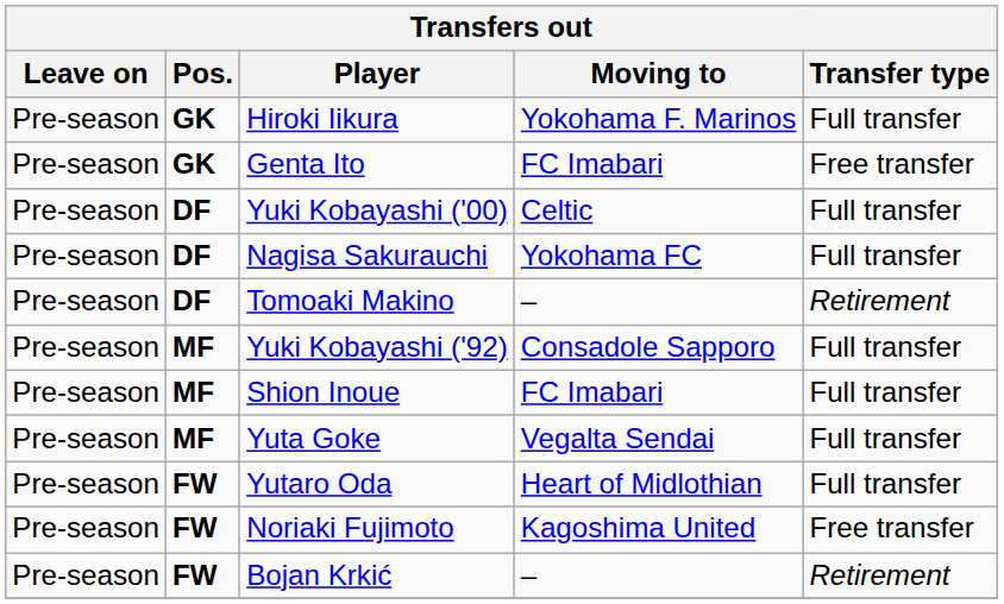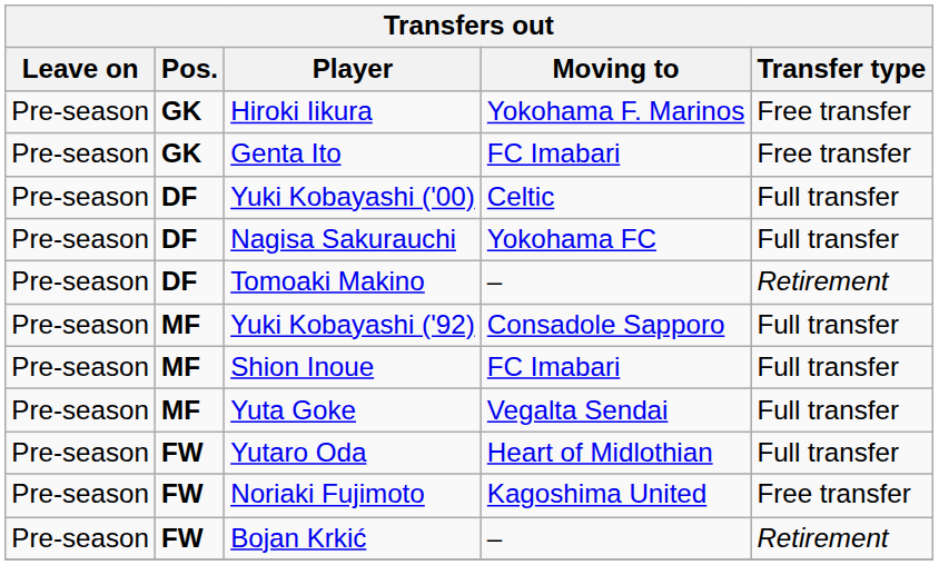 <table class="wikitable sortable" style=“text-align:left;>
 <tr>
 <th colspan="5">Transfers out</th>
 </tr>
 <tr>
 <th>Leave on</th>
 <th>Pos.</th>
 <th>Player</th>
 <th>Moving to</th>
 <th>Transfer type</th>
 </tr>
 <tr>
 <td>Pre-season</td>
 <td><strong>GK</strong></td>
 <td> <a href='#'>Hiroki Iikura</a></td>
 <td> <a href='#'>Yokohama F. Marinos</a></td>
-<td>Full transfer</td>
+<td>Free transfer</td>
 </tr>
 <tr>
 <td>Pre-season</td>
 <td><strong>GK</strong></td>
 <td> <a href='#'>Genta Ito</a></td>
 <td> <a href='#'>FC Imabari</a></td>
 <td>Free transfer</td>
 </tr>
 <tr>
 <td>Pre-season</td>
 <td><strong>DF</strong></td>
 <td> <a href='#'>Yuki Kobayashi ('00)</a></td>
 <td> <a href='#'>Celtic</a></td>
 <td>Full transfer</td>
 </tr>
 <tr>
 <td>Pre-season</td>
 <td><strong>DF</strong></td>
 <td> <a href='#'>Nagisa Sakurauchi</a></td>
 <td> <a href='#'>Yokohama FC</a></td>
 <td>Full transfer</td>
 </tr>
 <tr>
 <td>Pre-season</td>
 <td><strong>DF</strong></td>
 <td> <a href='#'>Tomoaki Makino</a></td>
 <td>–</td>
 <td><em>Retirement</em></td>
 </tr>
 <tr>
 <td>Pre-season</td>
 <td><strong>MF</strong></td>
 <td> <a href='#'>Yuki Kobayashi ('92)</a></td>
 <td> <a href='#'>Consadole Sapporo</a></td>
 <td>Full transfer</td>
 </tr>
 <tr>
 <td>Pre-season</td>
 <td><strong>MF</strong></td>
 <td> <a href='#'>Shion Inoue</a></td>
 <td> <a href='#'>FC Imabari</a></td>
 <td>Full transfer</td>
 </tr>
 <tr>
 <td>Pre-season</td>
 <td><strong>MF</strong></td>
 <td> <a href='#'>Yuta Goke</a></td>
 <td> <a href='#'>Vegalta Sendai</a></td>
 <td>Full transfer</td>
 </tr>
 <tr>
 <td>Pre-season</td>
 <td><strong>FW</strong></td>
 <td> <a href='#'>Yutaro Oda</a></td>
 <td> <a href='#'>Heart of Midlothian</a></td>
 <td>Full transfer</td>
 </tr>
 <tr>
 <td>Pre-season</td>
 <td><strong>FW</strong></td>
 <td> <a href='#'>Noriaki Fujimoto</a></td>
 <td> <a href='#'>Kagoshima United</a></td>
 <td>Free transfer</td>
 </tr>
 <tr>
 <td>Pre-season</td>
 <td><strong>FW</strong></td>
 <td> <a href='#'>Bojan Krkić</a></td>
 <td>–</td>
 <td><em>Retirement</em></td>
 </tr>
 <tr>
 </tr>
 </table>
